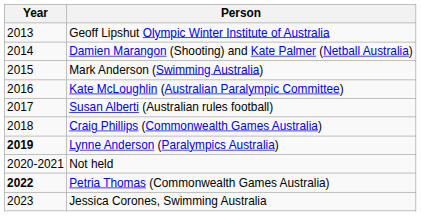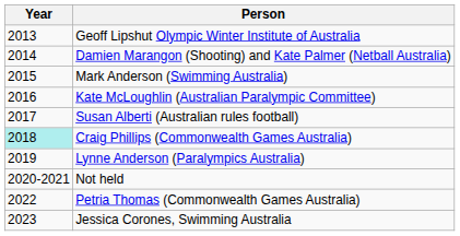 <table class="wikitable">
 <tr>
 <th>Year</th>
 <th>Person</th>
 </tr>
 <tr>
 <td>2013</td>
 <td>Geoff Lipshut <a href='#'>Olympic Winter Institute of Australia</a></td>
 </tr>
 <tr>
 <td>2014</td>
 <td><a href='#'>Damien Marangon</a> (Shooting) and <a href='#'>Kate Palmer</a> (<a href='#'>Netball Australia</a>)</td>
 </tr>
 <tr>
 <td>2015</td>
 <td>Mark Anderson (<a href='#'>Swimming Australia</a>)</td>
 </tr>
 <tr>
 <td>2016</td>
 <td><a href='#'>Kate McLoughlin</a> (<a href='#'>Australian Paralympic Committee</a>)</td>
 </tr>
 <tr>
 <td>2017</td>
 <td><a href='#'>Susan Alberti</a> (Australian rules football)</td>
 </tr>
 <tr>
-<td>2018</td>
+<td style="background: paleturquoise;">2018</td>
 <td><a href='#'>Craig Phillips</a> (<a href='#'>Commonwealth Games Australia</a>)</td>
 </tr>
 <tr>
-<td><strong>2019</strong></td>
+<td>2019</td>
 <td><a href='#'>Lynne Anderson</a> (<a href='#'>Paralympics Australia</a>)</td>
 </tr>
 <tr>
 <td>2020-2021</td>
 <td>Not held</td>
 </tr>
 <tr>
-<td><strong>2022</strong></td>
+<td>2022</td>
 <td><a href='#'>Petria Thomas</a> (Commonwealth Games Australia)</td>
 </tr>
 <tr>
 <td>2023</td>
 <td>Jessica Corones, Swimming Australia</td>
 </tr>
 </table>
